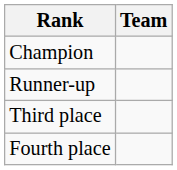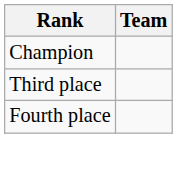 <table class="wikitable" style="align:right;">
 <tr>
 <th>Rank</th>
 <th>Team</th>
 </tr>
 <tr>
 <td>Champion</td>
-<td></td>
-</tr>
-<tr>
-<td>Runner-up</td>
 <td></td>
 </tr>
 <tr>
 <td>Third place</td>
 <td></td>
 </tr>
 <tr>
 <td>Fourth place</td>
 <td></td>
 </tr>
 </table>
